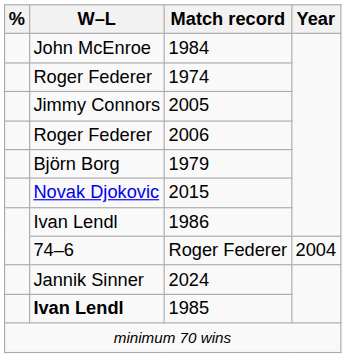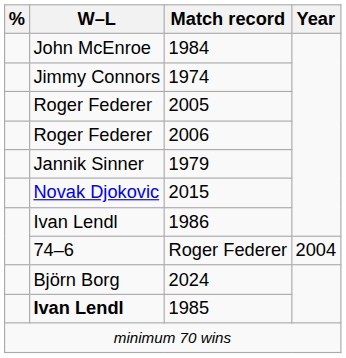 <table class="wikitable" style="display:inline-table;">
 <tr>
 <th>%</th>
 <th>W–L</th>
 <th>Match record</th>
 <th>Year</th>
 </tr>
 <tr>
 <td></td>
 <td> John McEnroe</td>
 <td>1984</td>
 </tr>
 <tr>
 <td></td>
-<td> Roger Federer</td>
+<td> Jimmy Connors</td>
 <td>1974</td>
 </tr>
 <tr>
 <td></td>
-<td> Jimmy Connors</td>
+<td> Roger Federer</td>
 <td>2005</td>
 </tr>
 <tr>
 <td></td>
 <td> Roger Federer</td>
 <td>2006</td>
 </tr>
 <tr>
 <td></td>
-<td> Björn Borg</td>
+<td> Jannik Sinner</td>
 <td>1979</td>
 </tr>
 <tr>
 <td></td>
 <td> <a href='#'>Novak Djokovic</a></td>
 <td>2015</td>
 </tr>
 <tr>
 <td rowspan="2"></td>
 <td> Ivan Lendl</td>
 <td>1986</td>
 </tr>
 <tr>
 <td>74–6</td>
 <td> Roger Federer</td>
 <td>2004</td>
 </tr>
 <tr>
 <td></td>
-<td> Jannik Sinner</td>
+<td> Björn Borg</td>
 <td>2024</td>
 </tr>
 <tr>
 <td></td>
 <td><strong> Ivan Lendl</strong></td>
 <td>1985</td>
 </tr>
 <tr>
 <td colspan="4" style="text-align: center;"><small><em>minimum 70 wins</em></small></td>
 </tr>
 </table>
